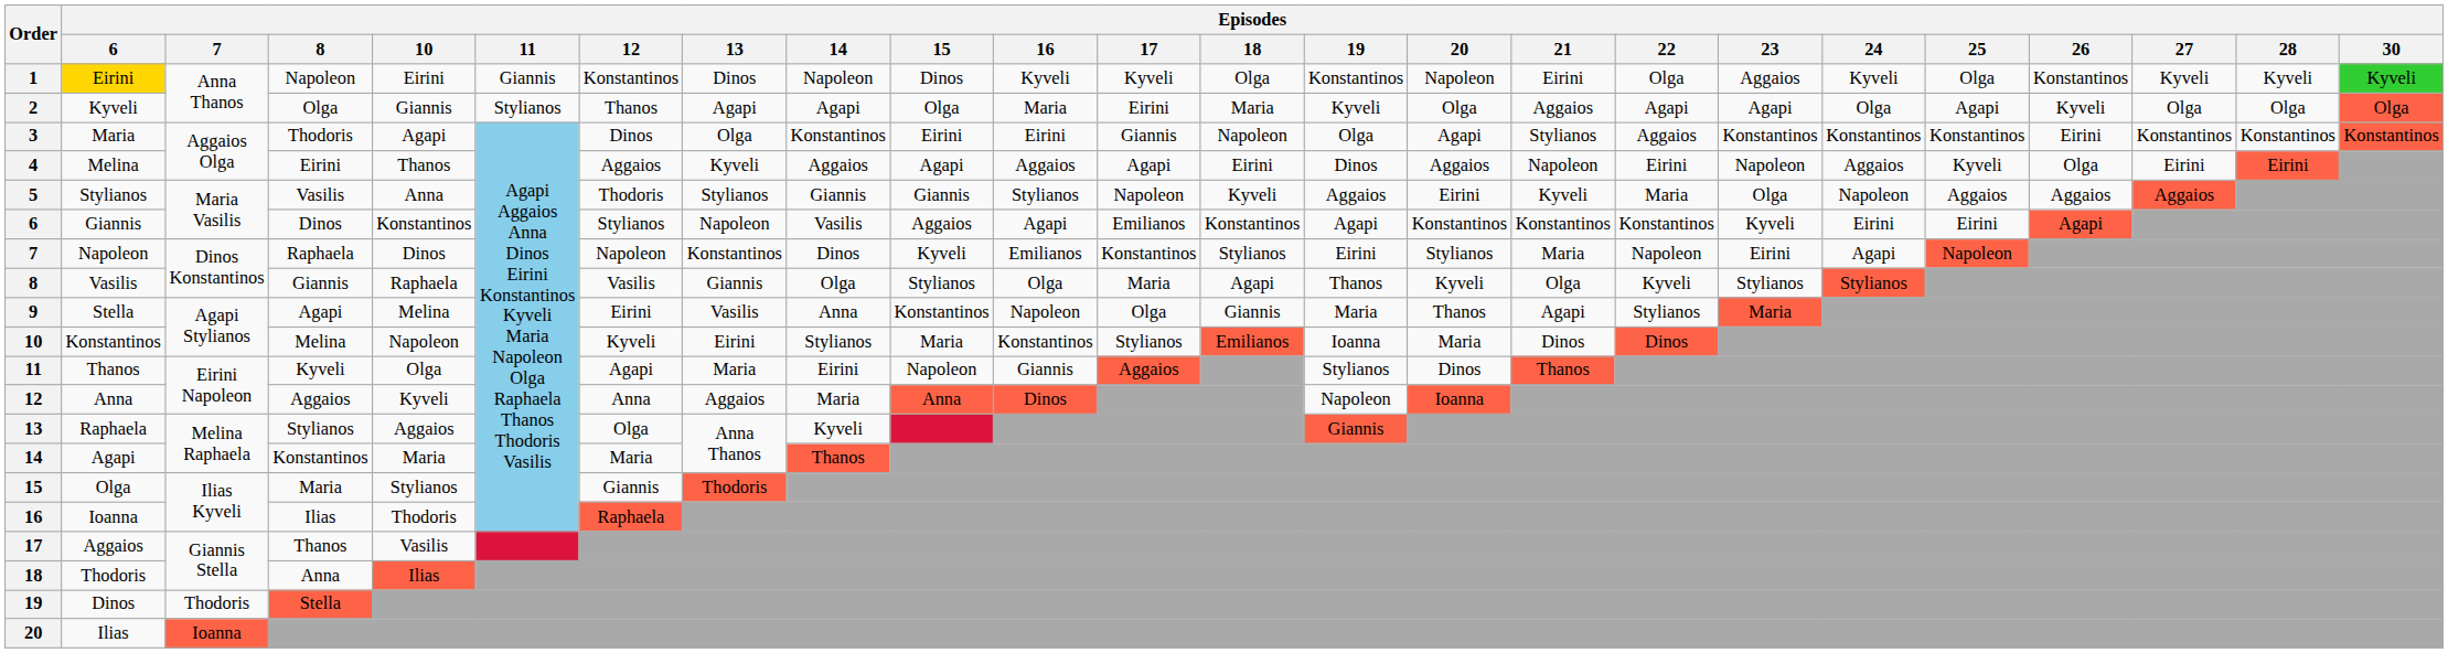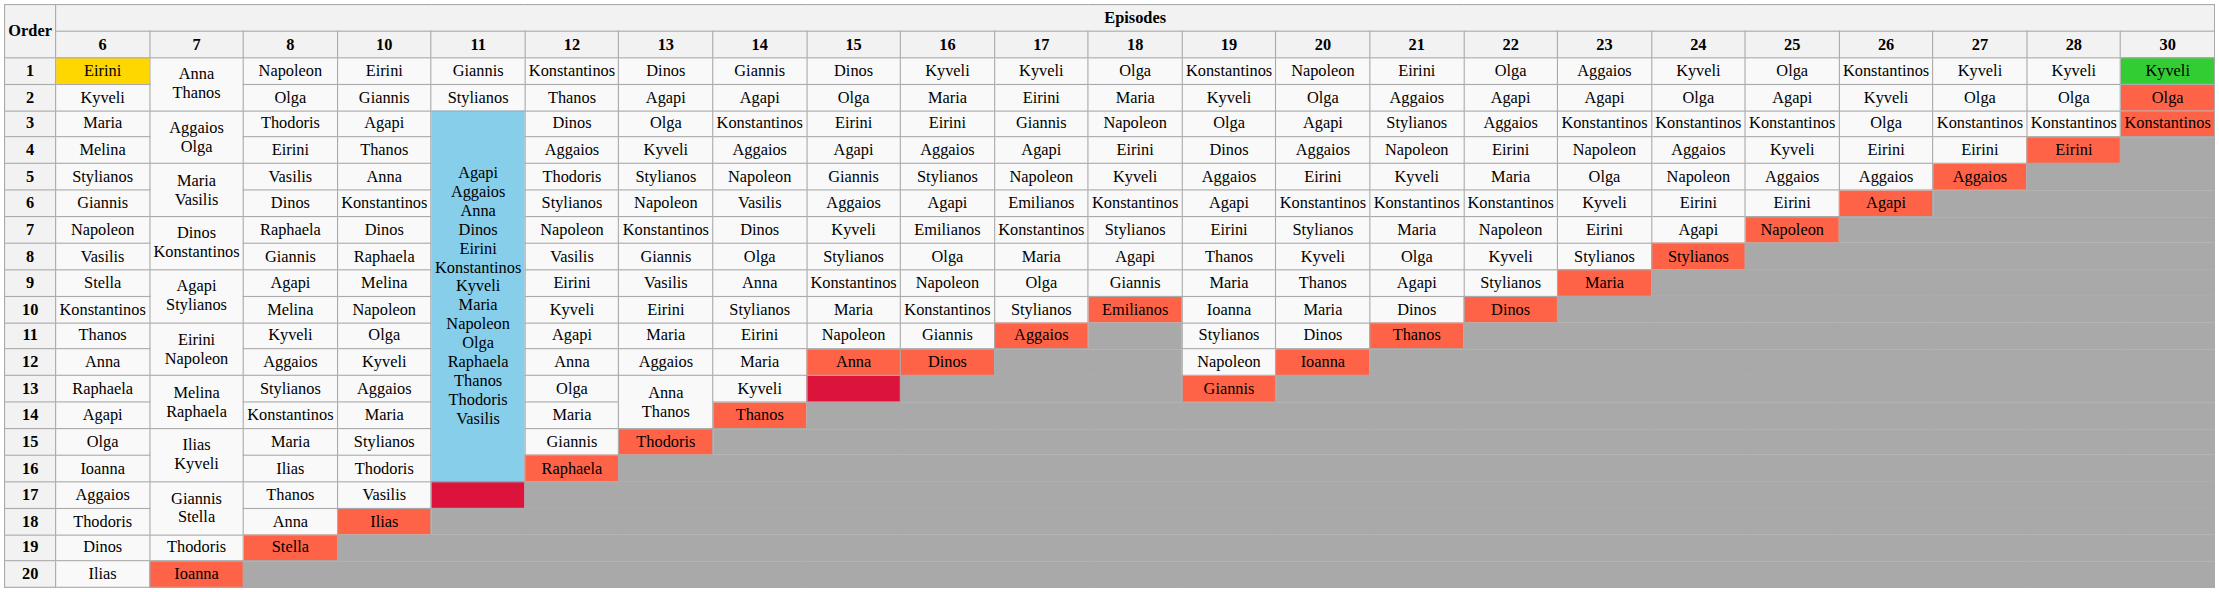 <table class="wikitable" style="text-align:center; font-size:92%;">
 <tr>
 <th rowspan=2>Order</th>
 <th colspan=30>Episodes</th>
 </tr>
 <tr>
 <th>6</th>
 <th>7</th>
 <th>8</th>
 <th>10</th>
 <th>11</th>
 <th>12</th>
 <th>13</th>
 <th>14</th>
 <th>15</th>
 <th>16 </th>
 <th>17</th>
 <th>18</th>
 <th>19 </th>
 <th>20</th>
 <th>21</th>
 <th>22</th>
 <th>23</th>
 <th>24</th>
 <th>25</th>
 <th>26</th>
 <th>27</th>
 <th>28</th>
 <th>30</th>
 </tr>
 <tr>
 <th>1</th>
 <td style="background:gold">Eirini</td>
 <td rowspan="2">Anna<br>Thanos</td>
 <td>Napoleon</td>
 <td>Eirini</td>
 <td>Giannis</td>
 <td>Konstantinos</td>
 <td>Dinos</td>
-<td>Napoleon</td>
+<td>Giannis</td>
 <td>Dinos</td>
 <td>Kyveli</td>
 <td>Kyveli</td>
 <td>Olga</td>
 <td>Konstantinos</td>
 <td>Napoleon</td>
 <td>Eirini</td>
 <td>Olga</td>
 <td>Aggaios</td>
 <td>Kyveli</td>
 <td>Olga</td>
 <td>Konstantinos</td>
 <td>Kyveli</td>
 <td>Kyveli</td>
 <td bgcolor="limegreen">Kyveli</td>
 </tr>
 <tr>
 <th>2</th>
 <td>Kyveli</td>
 <td>Olga</td>
 <td>Giannis</td>
 <td>Stylianos</td>
 <td>Thanos</td>
 <td>Agapi</td>
 <td>Agapi</td>
 <td>Olga</td>
 <td>Maria</td>
 <td>Eirini</td>
 <td>Maria</td>
 <td>Kyveli</td>
 <td>Olga</td>
 <td>Aggaios</td>
 <td>Agapi</td>
 <td>Agapi</td>
 <td>Olga</td>
 <td>Agapi</td>
 <td>Kyveli</td>
 <td>Olga</td>
 <td>Olga</td>
 <td bgcolor="tomato">Olga</td>
 </tr>
 <tr>
 <th>3</th>
 <td>Maria</td>
 <td rowspan="2">Aggaios<br>Olga</td>
 <td>Thodoris</td>
 <td>Agapi</td>
 <td rowspan="14" bgcolor="skyblue">Agapi<br>Aggaios<br>Anna<br>Dinos<br>Eirini<br>Konstantinos<br>Kyveli<br>Maria<br>Napoleon<br>Olga<br>Raphaela<br>Thanos<br>Thodoris<br>Vasilis</td>
 <td>Dinos</td>
 <td>Olga</td>
 <td>Konstantinos</td>
 <td>Eirini</td>
 <td>Eirini</td>
 <td>Giannis</td>
 <td>Napoleon</td>
 <td>Olga</td>
 <td>Agapi</td>
 <td>Stylianos</td>
 <td>Aggaios</td>
 <td>Konstantinos</td>
 <td>Konstantinos</td>
 <td>Konstantinos</td>
-<td>Eirini</td>
+<td>Olga</td>
 <td>Konstantinos</td>
 <td>Konstantinos</td>
 <td bgcolor="tomato">Konstantinos</td>
 </tr>
 <tr>
 <th>4</th>
 <td>Melina</td>
 <td>Eirini</td>
 <td>Thanos</td>
 <td>Aggaios</td>
 <td>Kyveli</td>
 <td>Aggaios</td>
 <td>Agapi</td>
 <td>Aggaios</td>
 <td>Agapi</td>
 <td>Eirini</td>
 <td>Dinos</td>
 <td>Aggaios</td>
 <td>Napoleon</td>
 <td>Eirini</td>
 <td>Napoleon</td>
 <td>Aggaios</td>
 <td>Kyveli</td>
-<td>Olga</td>
+<td>Eirini</td>
 <td>Eirini</td>
 <td bgcolor="tomato">Eirini</td>
 <td colspan="15" bgcolor="darkgray"></td>
 </tr>
 <tr>
 <th>5</th>
 <td>Stylianos</td>
 <td rowspan="2">Maria<br>Vasilis</td>
 <td>Vasilis</td>
 <td>Anna</td>
 <td>Thodoris</td>
 <td>Stylianos</td>
-<td>Giannis</td>
+<td>Napoleon</td>
 <td>Giannis</td>
 <td>Stylianos</td>
 <td>Napoleon</td>
 <td>Kyveli</td>
 <td>Aggaios</td>
 <td>Eirini</td>
 <td>Kyveli</td>
 <td>Maria</td>
 <td>Olga</td>
 <td>Napoleon</td>
 <td>Aggaios</td>
 <td>Aggaios</td>
 <td bgcolor="tomato">Aggaios</td>
 <td colspan="15" bgcolor="darkgray"></td>
 </tr>
 <tr>
 <th>6</th>
 <td>Giannis</td>
 <td>Dinos</td>
 <td>Konstantinos</td>
 <td>Stylianos</td>
 <td>Napoleon</td>
 <td>Vasilis</td>
 <td>Aggaios</td>
 <td>Agapi</td>
 <td>Emilianos</td>
 <td>Konstantinos</td>
 <td>Agapi</td>
 <td>Konstantinos</td>
 <td>Konstantinos</td>
 <td>Konstantinos</td>
 <td>Kyveli</td>
 <td>Eirini</td>
 <td>Eirini</td>
 <td bgcolor="tomato">Agapi</td>
 <td colspan="16" bgcolor="darkgray"></td>
 </tr>
 <tr>
 <th>7</th>
 <td>Napoleon</td>
 <td rowspan="2">Dinos<br>Konstantinos</td>
 <td>Raphaela</td>
 <td>Dinos</td>
 <td>Napoleon</td>
 <td>Konstantinos</td>
 <td>Dinos</td>
 <td>Kyveli</td>
 <td>Emilianos</td>
 <td>Konstantinos</td>
 <td>Stylianos</td>
 <td>Eirini</td>
 <td>Stylianos</td>
 <td>Maria</td>
 <td>Napoleon</td>
 <td>Eirini</td>
 <td>Agapi</td>
 <td bgcolor="tomato">Napoleon</td>
 <td colspan="17" bgcolor="darkgray"></td>
 </tr>
 <tr>
 <th>8</th>
 <td>Vasilis</td>
 <td>Giannis</td>
 <td>Raphaela</td>
 <td>Vasilis</td>
 <td>Giannis</td>
 <td>Olga</td>
 <td>Stylianos</td>
 <td>Olga</td>
 <td>Maria</td>
 <td>Agapi</td>
 <td>Thanos</td>
 <td>Kyveli</td>
 <td>Olga</td>
 <td>Kyveli</td>
 <td>Stylianos</td>
 <td bgcolor="tomato">Stylianos</td>
 <td colspan="18" bgcolor="darkgray"></td>
 </tr>
 <tr>
 <th>9</th>
 <td>Stella</td>
 <td rowspan="2">Agapi<br>Stylianos</td>
 <td>Agapi</td>
 <td>Melina</td>
 <td>Eirini</td>
 <td>Vasilis</td>
 <td>Anna</td>
 <td>Konstantinos</td>
 <td>Napoleon</td>
 <td>Olga</td>
 <td>Giannis</td>
 <td>Maria</td>
 <td>Thanos</td>
 <td>Agapi</td>
 <td>Stylianos</td>
 <td bgcolor="tomato">Maria</td>
 <td colspan="19" bgcolor="darkgray"></td>
 </tr>
 <tr>
 <th>10</th>
 <td>Konstantinos</td>
 <td>Melina</td>
 <td>Napoleon</td>
 <td>Kyveli</td>
 <td>Eirini</td>
 <td>Stylianos</td>
 <td>Maria</td>
 <td>Konstantinos</td>
 <td>Stylianos</td>
 <td bgcolor="tomato">Emilianos</td>
 <td>Ioanna</td>
 <td>Maria</td>
 <td>Dinos</td>
 <td bgcolor="tomato">Dinos</td>
 <td colspan="20" bgcolor="darkgray"></td>
 </tr>
 <tr>
 <th>11</th>
 <td>Thanos</td>
 <td rowspan="2">Eirini<br> Napoleon</td>
 <td>Kyveli</td>
 <td>Olga</td>
 <td>Agapi</td>
 <td>Maria</td>
 <td>Eirini</td>
 <td>Napoleon</td>
 <td>Giannis</td>
 <td bgcolor="tomato">Aggaios</td>
 <td colspan="1" bgcolor="darkgray"></td>
 <td>Stylianos</td>
 <td>Dinos</td>
 <td bgcolor="tomato">Thanos</td>
 <td colspan="21" bgcolor="darkgray"></td>
 </tr>
 <tr>
 <th>12</th>
 <td>Anna</td>
 <td>Aggaios</td>
 <td>Kyveli</td>
 <td>Anna</td>
 <td>Aggaios</td>
 <td>Maria</td>
 <td bgcolor="tomato">Anna</td>
 <td bgcolor="tomato">Dinos</td>
 <td colspan="2" bgcolor="darkgray"></td>
 <td>Napoleon</td>
 <td bgcolor="tomato">Ioanna</td>
 <td colspan="22" bgcolor="darkgray"></td>
 </tr>
 <tr>
 <th>13</th>
 <td>Raphaela</td>
 <td rowspan="2">Melina<br>Raphaela</td>
 <td>Stylianos</td>
 <td>Aggaios</td>
 <td>Olga</td>
 <td rowspan="2">Anna<br>Thanos</td>
 <td>Kyveli</td>
 <td bgcolor="crimson"></td>
 <td colspan="3" bgcolor="darkgrey"></td>
 <td bgcolor="tomato">Giannis</td>
 <td colspan="23" bgcolor="darkgray"></td>
 </tr>
 <tr>
 <th>14</th>
 <td>Agapi</td>
 <td>Konstantinos</td>
 <td>Maria</td>
 <td>Maria</td>
 <td bgcolor="tomato">Thanos</td>
 <td colspan="24" bgcolor="darkgray"></td>
 </tr>
 <tr>
 <th>15</th>
 <td>Olga</td>
 <td rowspan="2">Ilias<br>Kyveli</td>
 <td>Maria</td>
 <td>Stylianos</td>
 <td>Giannis</td>
 <td bgcolor="tomato">Thodoris</td>
 <td colspan="25" bgcolor="darkgray"></td>
 </tr>
 <tr>
 <th>16</th>
 <td>Ioanna</td>
 <td>Ilias</td>
 <td>Thodoris</td>
 <td bgcolor="tomato">Raphaela</td>
 <td colspan="26" bgcolor="darkgray"></td>
 </tr>
 <tr>
 <th>17</th>
 <td>Aggaios</td>
 <td rowspan="2">Giannis<br>Stella</td>
 <td>Thanos</td>
 <td>Vasilis</td>
 <td bgcolor="crimson"></td>
 <td colspan="27" bgcolor="darkgray"></td>
 </tr>
 <tr>
 <th>18</th>
 <td>Thodoris</td>
 <td>Anna</td>
 <td bgcolor="tomato">Ilias</td>
 <td colspan="28" bgcolor="darkgray"></td>
 </tr>
 <tr>
 <th>19</th>
 <td>Dinos</td>
 <td>Thodoris</td>
 <td bgcolor="tomato">Stella</td>
 <td colspan="29" bgcolor="darkgray"></td>
 </tr>
 <tr>
 <th>20</th>
 <td>Ilias</td>
 <td bgcolor="tomato">Ioanna</td>
 <td colspan="30" bgcolor="darkgray"></td>
 </tr>
 </table>
